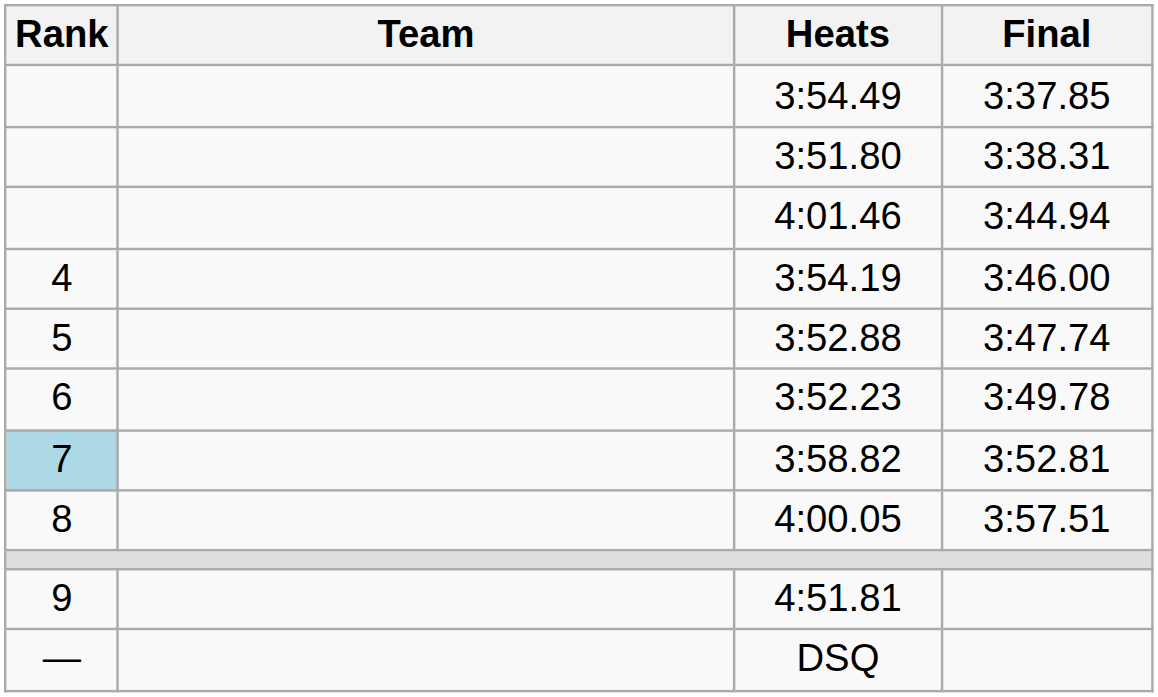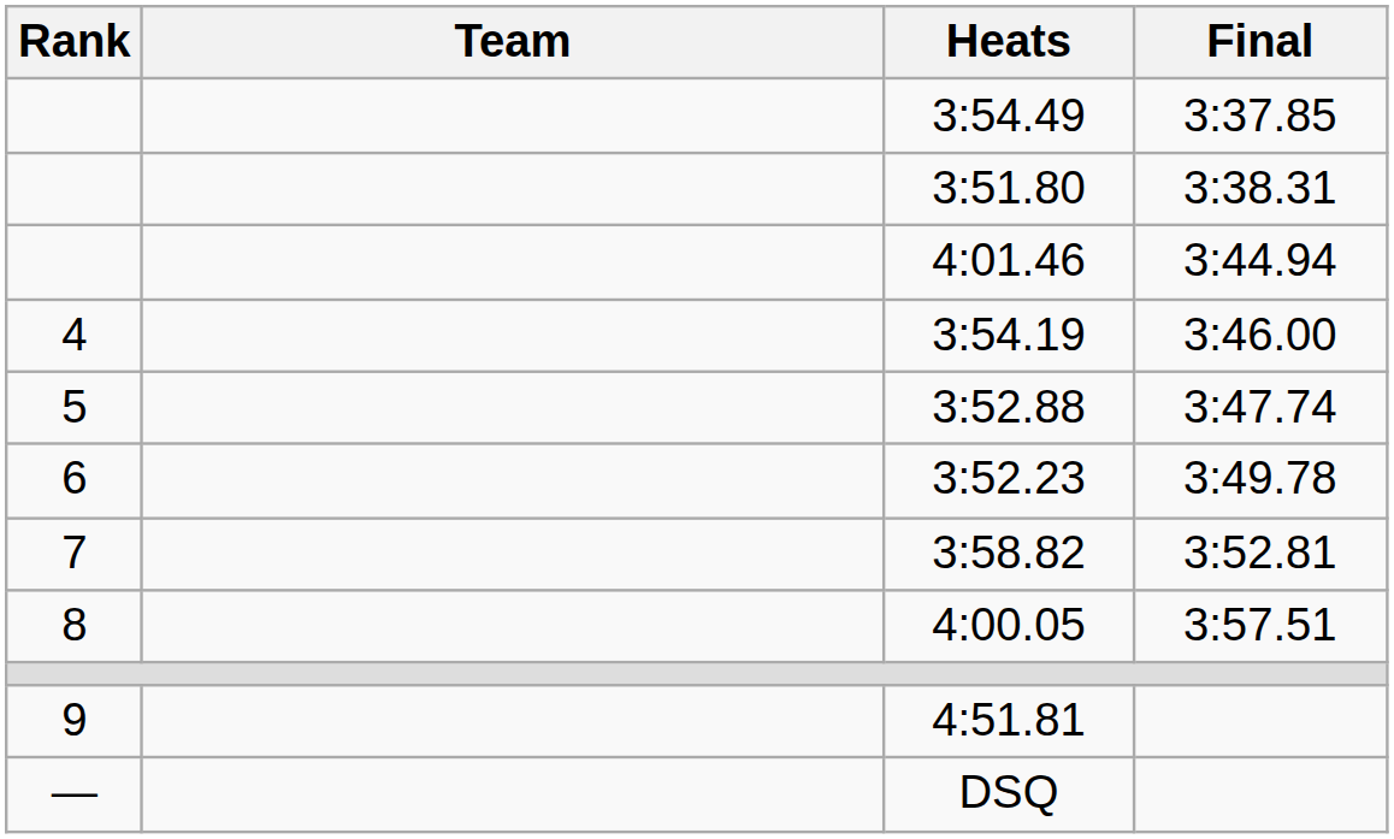 <table class=wikitable style="text-align:center">
 <tr>
 <th width=40>Rank</th>
 <th width=250>Team</th>
 <th width=80>Heats</th>
 <th width=80>Final</th>
 </tr>
 <tr>
 <td></td>
 <td align=left></td>
 <td>3:54.49</td>
 <td>3:37.85</td>
 </tr>
 <tr>
 <td></td>
 <td align=left></td>
 <td>3:51.80</td>
 <td>3:38.31</td>
 </tr>
 <tr>
 <td></td>
 <td align=left></td>
 <td>4:01.46</td>
 <td>3:44.94</td>
 </tr>
 <tr>
 <td>4</td>
 <td align=left></td>
 <td>3:54.19</td>
 <td>3:46.00</td>
 </tr>
 <tr>
 <td>5</td>
 <td align=left></td>
 <td>3:52.88</td>
 <td>3:47.74</td>
 </tr>
 <tr>
 <td>6</td>
 <td align=left></td>
 <td>3:52.23</td>
 <td>3:49.78</td>
 </tr>
 <tr>
-<td style="background: lightblue;">7</td>
+<td>7</td>
 <td align=left></td>
 <td>3:58.82</td>
 <td>3:52.81</td>
 </tr>
 <tr>
 <td>8</td>
 <td align=left></td>
 <td>4:00.05</td>
 <td>3:57.51</td>
 </tr>
 <tr bgcolor=#DDDDDD>
 <td colspan=4></td>
 </tr>
 <tr>
 <td>9</td>
 <td align=left></td>
 <td>4:51.81</td>
 <td></td>
 </tr>
 <tr>
 <td>—</td>
 <td align=left></td>
 <td>DSQ</td>
 <td></td>
 </tr>
 </table>
